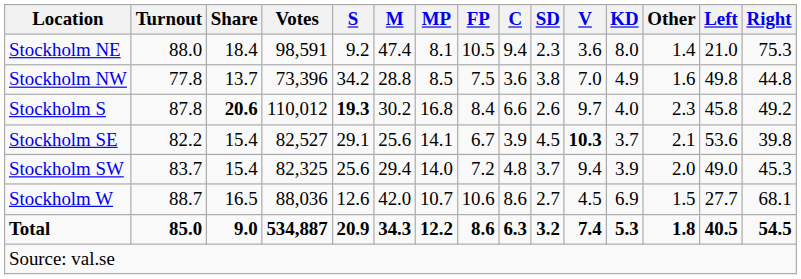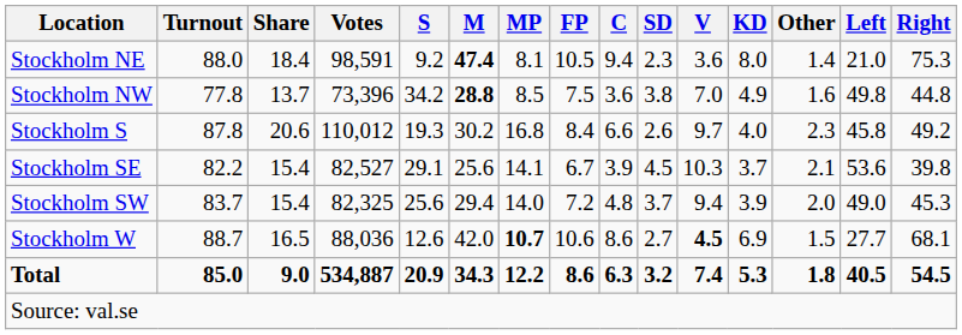 <table class="wikitable sortable" style=text-align:right>
 <tr>
 <th>Location</th>
 <th>Turnout</th>
 <th>Share</th>
 <th>Votes</th>
 <th><a href='#'>S</a></th>
 <th><a href='#'>M</a></th>
 <th><a href='#'>MP</a></th>
 <th><a href='#'>FP</a></th>
 <th><a href='#'>C</a></th>
 <th><a href='#'>SD</a></th>
 <th><a href='#'>V</a></th>
 <th><a href='#'>KD</a></th>
 <th>Other</th>
 <th><a href='#'>Left</a></th>
 <th><a href='#'>Right</a></th>
 </tr>
 <tr>
 <td align=left><a href='#'>Stockholm NE</a></td>
 <td>88.0</td>
 <td>18.4</td>
 <td>98,591</td>
 <td>9.2</td>
-<td>47.4</td>
+<td><strong>47.4</strong></td>
 <td>8.1</td>
 <td>10.5</td>
 <td>9.4</td>
 <td>2.3</td>
 <td>3.6</td>
 <td>8.0</td>
 <td>1.4</td>
 <td>21.0</td>
 <td>75.3</td>
 </tr>
 <tr>
 <td align=left><a href='#'>Stockholm NW</a></td>
 <td>77.8</td>
 <td>13.7</td>
 <td>73,396</td>
 <td>34.2</td>
-<td>28.8</td>
+<td><strong>28.8</strong></td>
 <td>8.5</td>
 <td>7.5</td>
 <td>3.6</td>
 <td>3.8</td>
 <td>7.0</td>
 <td>4.9</td>
 <td>1.6</td>
 <td>49.8</td>
 <td>44.8</td>
 </tr>
 <tr>
 <td align=left><a href='#'>Stockholm S</a></td>
 <td>87.8</td>
-<td><strong>20.6</strong></td>
+<td>20.6</td>
 <td>110,012</td>
-<td><strong>19.3</strong></td>
+<td>19.3</td>
 <td>30.2</td>
 <td>16.8</td>
 <td>8.4</td>
 <td>6.6</td>
 <td>2.6</td>
 <td>9.7</td>
 <td>4.0</td>
 <td>2.3</td>
 <td>45.8</td>
 <td>49.2</td>
 </tr>
 <tr>
 <td align=left><a href='#'>Stockholm SE</a></td>
 <td>82.2</td>
 <td>15.4</td>
 <td>82,527</td>
 <td>29.1</td>
 <td>25.6</td>
 <td>14.1</td>
 <td>6.7</td>
 <td>3.9</td>
 <td>4.5</td>
-<td><strong>10.3</strong></td>
+<td>10.3</td>
 <td>3.7</td>
 <td>2.1</td>
 <td>53.6</td>
 <td>39.8</td>
 </tr>
 <tr>
 <td align=left><a href='#'>Stockholm SW</a></td>
 <td>83.7</td>
 <td>15.4</td>
 <td>82,325</td>
 <td>25.6</td>
 <td>29.4</td>
 <td>14.0</td>
 <td>7.2</td>
 <td>4.8</td>
 <td>3.7</td>
 <td>9.4</td>
 <td>3.9</td>
 <td>2.0</td>
 <td>49.0</td>
 <td>45.3</td>
 </tr>
 <tr>
 <td align=left><a href='#'>Stockholm W</a></td>
 <td>88.7</td>
 <td>16.5</td>
 <td>88,036</td>
 <td>12.6</td>
 <td>42.0</td>
-<td>10.7</td>
+<td><strong>10.7</strong></td>
 <td>10.6</td>
 <td>8.6</td>
 <td>2.7</td>
-<td>4.5</td>
+<td><strong>4.5</strong></td>
 <td>6.9</td>
 <td>1.5</td>
 <td>27.7</td>
 <td>68.1</td>
 </tr>
 <tr>
 <td align=left><strong>Total</strong></td>
 <td><strong>85.0</strong></td>
 <td><strong>9.0</strong></td>
 <td><strong>534,887</strong></td>
 <td><strong>20.9</strong></td>
 <td><strong>34.3</strong></td>
 <td><strong>12.2</strong></td>
 <td><strong>8.6</strong></td>
 <td><strong>6.3</strong></td>
 <td><strong>3.2</strong></td>
 <td><strong>7.4</strong></td>
 <td><strong>5.3</strong></td>
 <td><strong>1.8</strong></td>
 <td><strong>40.5</strong></td>
 <td><strong>54.5</strong></td>
 </tr>
 <tr>
 <td align=left colspan=15>Source: val.se </td>
 </tr>
 </table>
